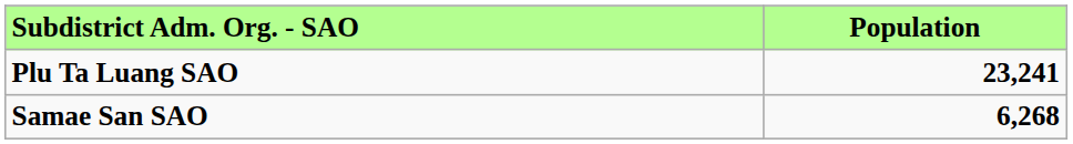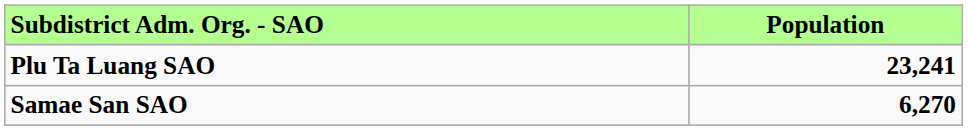 <table class="wikitable" style="width:48%; display:inline-table;">
 <tr>
 <td style= "background: #b4ff90;"><strong>Subdistrict Adm. Org. - SAO</strong></td>
 <td style= "background: #b4ff90; text-align:center;"><strong>Population</strong></td>
 </tr>
 <tr>
 <td><strong>Plu Ta Luang SAO</strong></td>
 <td style="text-align:right;"><strong>23,241</strong></td>
 </tr>
 <tr>
 <td><strong>Samae San SAO</strong></td>
-<td style="text-align:right;"><strong>6,268</strong></td>
+<td style="text-align:right;"><strong>6,270</strong></td>
 </tr>
 </table>
